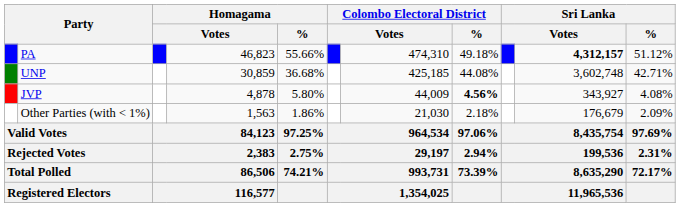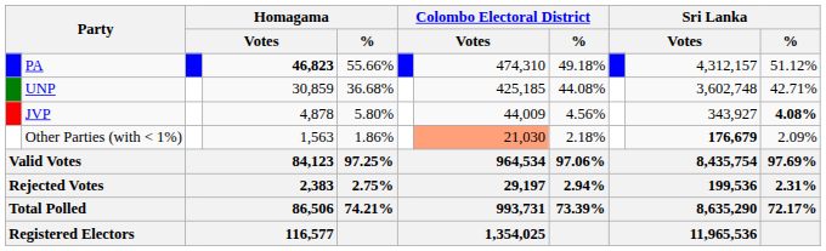 <table class="wikitable">
 <tr>
 <th colspan="2" width="144px"rowspan="2">Party</th>
 <th colspan="3" width="216px">Homagama</th>
 <th colspan="3" width="216px"><a href='#'>Colombo Electoral District</a></th>
 <th colspan="3" width="216px">Sri Lanka</th>
 </tr>
 <tr>
 <th colspan="2" width="144px">Votes</th>
 <th>%</th>
 <th colspan="2" width="144px">Votes</th>
 <th>%</th>
 <th colspan="2" width="144px">Votes</th>
 <th>%</th>
 </tr>
 <tr>
 <td style="background-color:blue;" width="10px"></td>
 <td style="text-align:left;"><a href='#'>PA</a></td>
 <td style="background-color:blue;" width="10px"></td>
-<td style="text-align:right;">46,823</td>
+<td style="text-align:right;"><strong>46,823</strong></td>
 <td style="text-align:right;">55.66%</td>
 <td style="background-color:blue;" width="10px"></td>
 <td style="text-align:right;">474,310</td>
 <td style="text-align:right;">49.18%</td>
 <td style="background-color:blue;" width="10px"></td>
-<td style="text-align:right;"><strong>4,312,157</strong></td>
+<td style="text-align:right;">4,312,157</td>
 <td style="text-align:right;">51.12%</td>
 </tr>
 <tr>
 <td style="background-color:green;" width="10px"></td>
 <td style="text-align:left;"><a href='#'>UNP</a></td>
 <td style="background-color:white;" width="10px"></td>
 <td style="text-align:right;">30,859</td>
 <td style="text-align:right;">36.68%</td>
 <td style="background-color:white;" width="10px"></td>
 <td style="text-align:right;">425,185</td>
 <td style="text-align:right;">44.08%</td>
 <td style="background-color:white;" width="10px"></td>
 <td style="text-align:right;">3,602,748</td>
 <td style="text-align:right;">42.71%</td>
 </tr>
 <tr>
 <td style="background-color:red;" width="10px"></td>
 <td style="text-align:left;"><a href='#'>JVP</a></td>
 <td style="background-color:white;" width="10px"></td>
 <td style="text-align:right;">4,878</td>
 <td style="text-align:right;">5.80%</td>
 <td style="background-color:white;" width="10px"></td>
 <td style="text-align:right;">44,009</td>
-<td style="text-align:right;"><strong>4.56%</strong></td>
+<td style="text-align:right;">4.56%</td>
 <td style="background-color:white;" width="10px"></td>
 <td style="text-align:right;">343,927</td>
-<td style="text-align:right;">4.08%</td>
+<td style="text-align:right;"><strong>4.08%</strong></td>
 </tr>
 <tr>
 <td style="background-color:white;" width="10px"></td>
 <td style="text-align:left;">Other Parties (with < 1%)</td>
 <td style="background-color:white;" width="10px"></td>
 <td style="text-align:right;">1,563</td>
 <td style="text-align:right;">1.86%</td>
 <td style="background-color:white;" width="10px"></td>
-<td style="text-align:right;">21,030</td>
+<td style="background: lightsalmon; text-align:right;">21,030</td>
 <td style="text-align:right;">2.18%</td>
 <td style="background-color:white;" width="10px"></td>
-<td style="text-align:right;">176,679</td>
+<td style="text-align:right;"><strong>176,679</strong></td>
 <td style="text-align:right;">2.09%</td>
 </tr>
 <tr>
 <th colspan="2" width="144px"style="text-align:left;">Valid Votes</th>
 <th style="text-align:right;"colspan="2" width="144px">84,123</th>
 <th style="text-align:right;">97.25%</th>
 <th style="text-align:right;"colspan="2" width="144px">964,534</th>
 <th style="text-align:right;">97.06%</th>
 <th style="text-align:right;"colspan="2" width="144px">8,435,754</th>
 <th style="text-align:right;">97.69%</th>
 </tr>
 <tr>
 <th colspan="2" width="144px"style="text-align:left;">Rejected Votes</th>
 <th style="text-align:right;"colspan="2" width="144px">2,383</th>
 <th style="text-align:right;">2.75%</th>
 <th style="text-align:right;"colspan="2" width="144px">29,197</th>
 <th style="text-align:right;">2.94%</th>
 <th style="text-align:right;"colspan="2" width="144px">199,536</th>
 <th style="text-align:right;">2.31%</th>
 </tr>
 <tr>
 <th colspan="2" width="144px"style="text-align:left;">Total Polled</th>
 <th style="text-align:right;"colspan="2" width="144px">86,506</th>
 <th style="text-align:right;">74.21%</th>
 <th style="text-align:right;"colspan="2" width="144px">993,731</th>
 <th style="text-align:right;">73.39%</th>
 <th style="text-align:right;"colspan="2" width="144px">8,635,290</th>
 <th style="text-align:right;">72.17%</th>
 </tr>
 <tr>
 <th colspan="2" width="144px"style="text-align:left;">Registered Electors</th>
 <th style="text-align:right;"colspan="2" width="144px">116,577</th>
 <th></th>
 <th style="text-align:right;"colspan="2" width="144px">1,354,025</th>
 <th></th>
 <th style="text-align:right;"colspan="2" width="144px">11,965,536</th>
 <th></th>
 </tr>
 </table>
